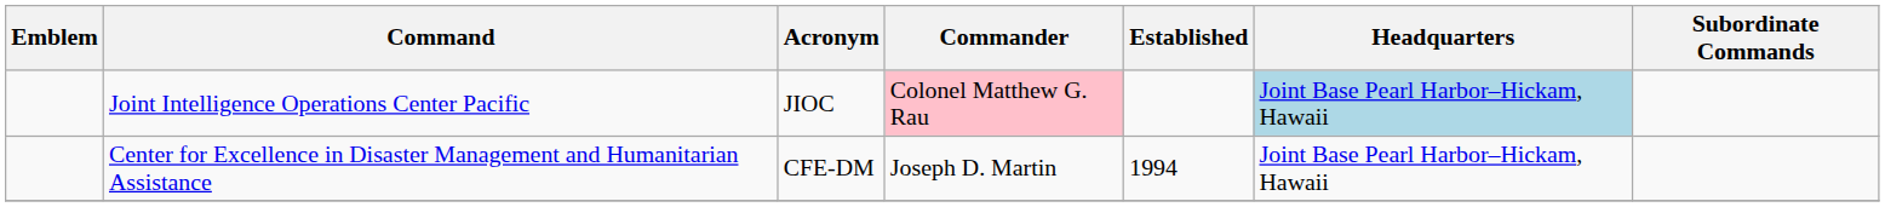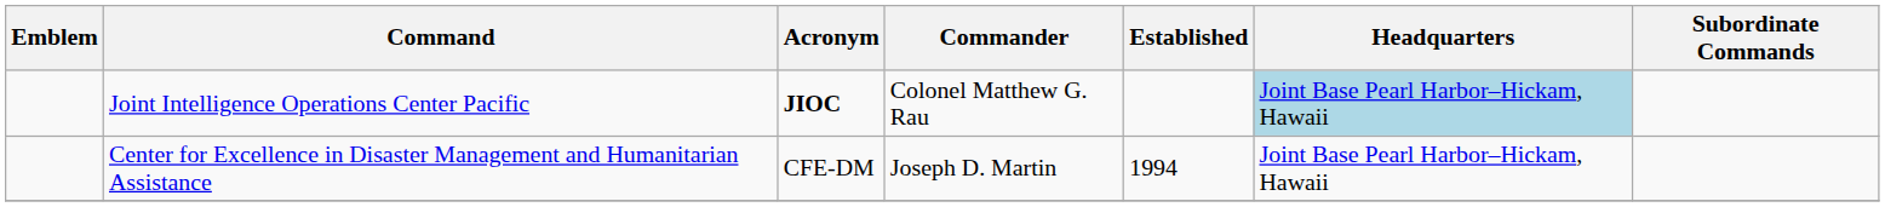 <table class="wikitable">
 <tr>
 <th>Emblem</th>
 <th>Command</th>
 <th>Acronym</th>
 <th>Commander</th>
 <th>Established</th>
 <th>Headquarters</th>
 <th>Subordinate Commands</th>
 </tr>
 <tr>
 <td></td>
 <td><a href='#'>Joint Intelligence Operations Center Pacific</a></td>
-<td>JIOC</td>
-<td style="background: pink;">Colonel Matthew G. Rau</td>
+<td><strong>JIOC</strong></td>
+<td>Colonel Matthew G. Rau</td>
 <td></td>
 <td style="background: lightblue;"><a href='#'>Joint Base Pearl Harbor–Hickam</a>, Hawaii</td>
 <td></td>
 </tr>
 <tr>
 <td></td>
 <td><a href='#'>Center for Excellence in Disaster Management and Humanitarian Assistance</a></td>
 <td>CFE-DM</td>
 <td>Joseph D. Martin</td>
 <td>1994</td>
 <td><a href='#'>Joint Base Pearl Harbor–Hickam</a>, Hawaii</td>
 <td></td>
 </tr>
 <tr>
 </tr>
 </table>
